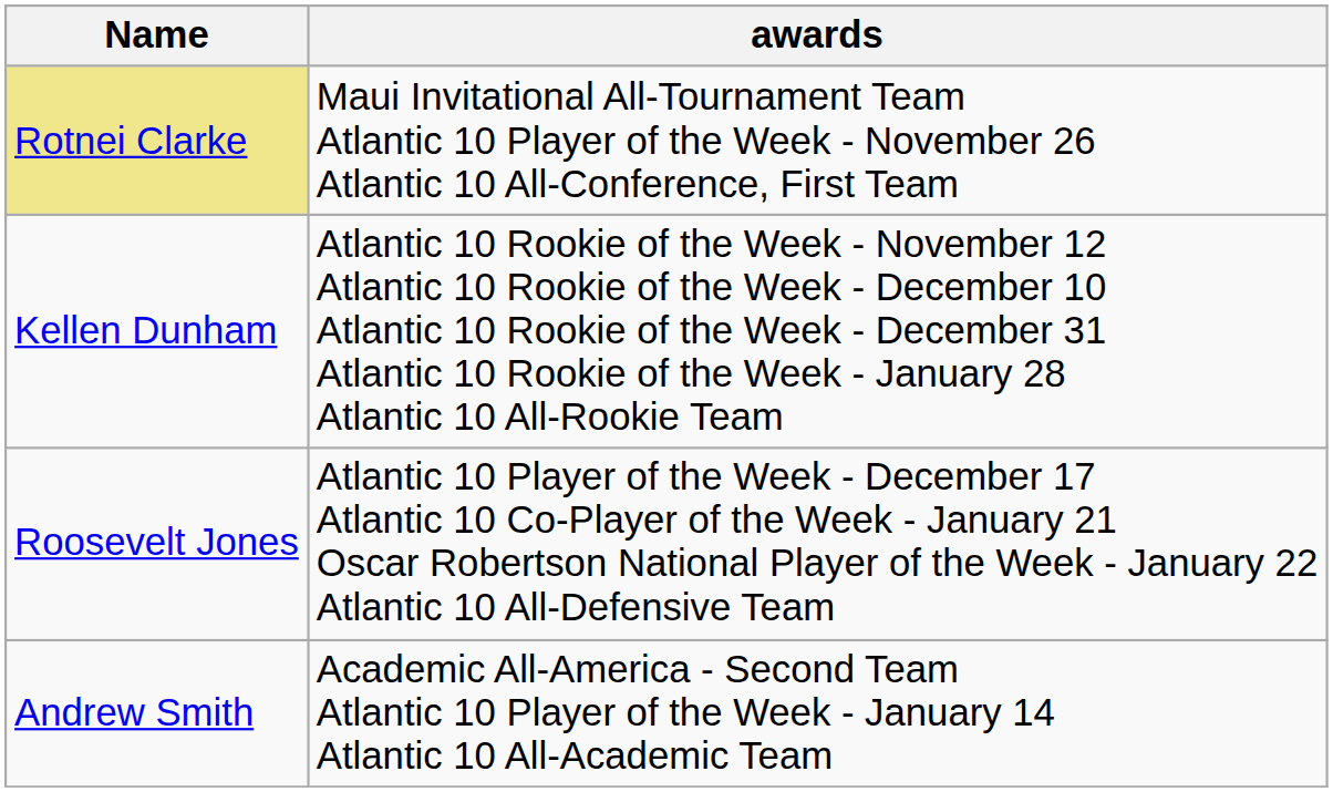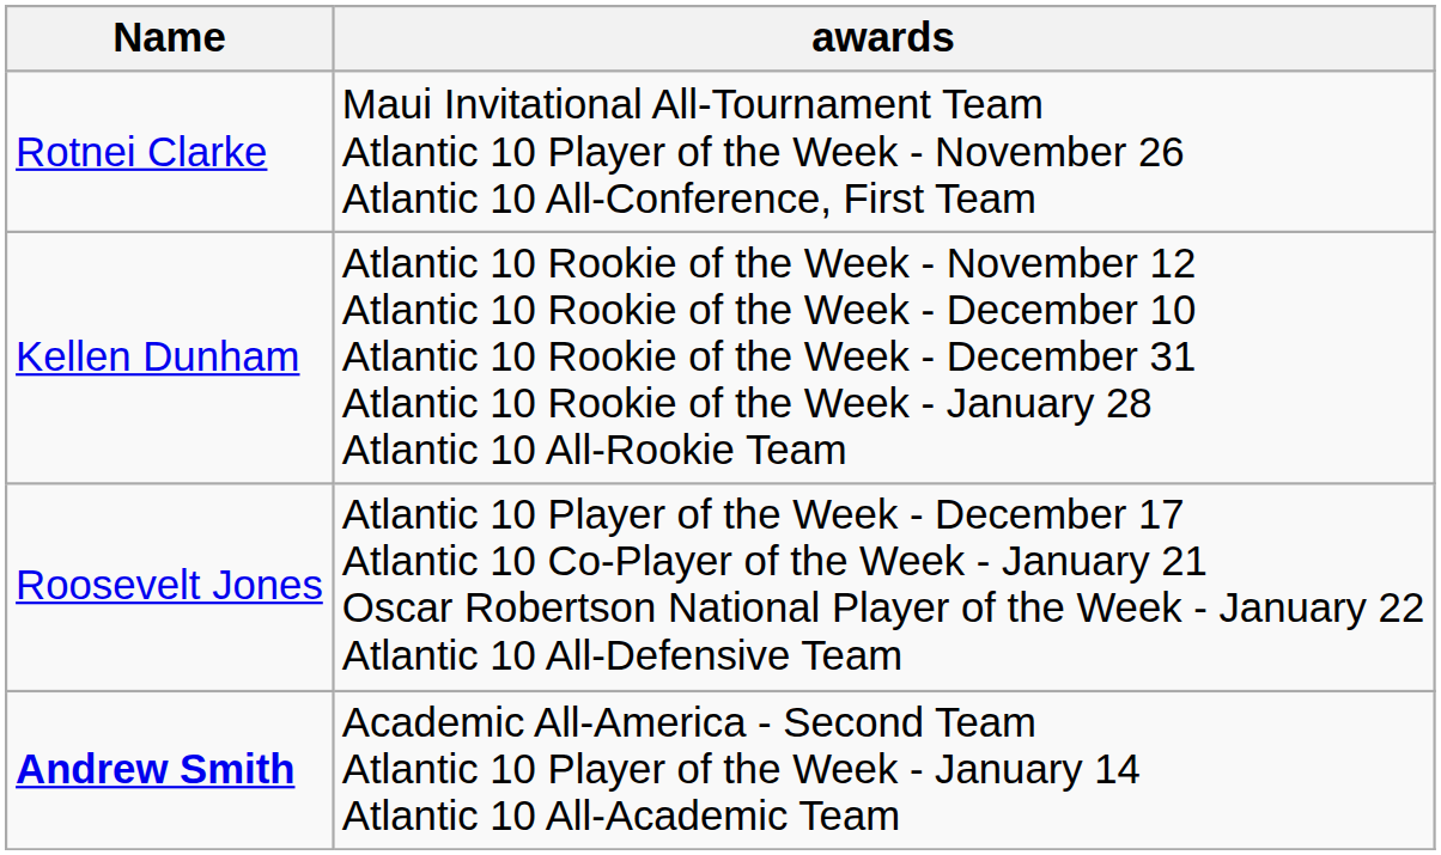 <table class="wikitable sortable" border="1">
 <tr>
 <th>Name</th>
 <th>awards</th>
 </tr>
 <tr>
-<td style="background: khaki;"><a href='#'>Rotnei Clarke</a></td>
+<td><a href='#'>Rotnei Clarke</a></td>
 <td>Maui Invitational All-Tournament Team<br>Atlantic 10 Player of the Week - November 26<br>Atlantic 10 All-Conference, First Team</td>
 </tr>
 <tr>
 <td><a href='#'>Kellen Dunham</a></td>
 <td>Atlantic 10 Rookie of the Week - November 12 <br> Atlantic 10 Rookie of the Week - December 10 <br> Atlantic 10 Rookie of the Week - December 31<br>Atlantic 10 Rookie of the Week - January 28<br>Atlantic 10 All-Rookie Team</td>
 </tr>
 <tr>
 <td><a href='#'>Roosevelt Jones</a></td>
 <td>Atlantic 10 Player of the Week - December 17 <br> Atlantic 10 Co-Player of the Week - January 21<br>Oscar Robertson National Player of the Week - January 22<br>Atlantic 10 All-Defensive Team</td>
 </tr>
 <tr>
-<td><a href='#'>Andrew Smith</a></td>
+<td><strong><a href='#'>Andrew Smith</a></strong></td>
 <td>Academic All-America - Second Team<br> Atlantic 10 Player of the Week - January 14<br>Atlantic 10 All-Academic Team</td>
 </tr>
 </table>
